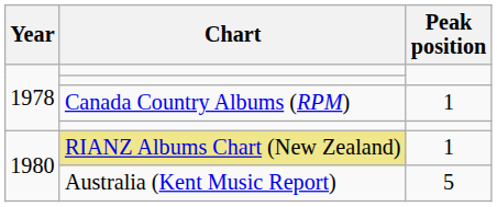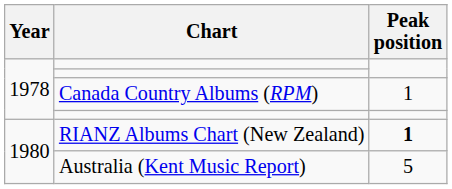 <table class="wikitable sortable">
 <tr>
 <th scope="col">Year</th>
 <th scope="col">Chart</th>
 <th scope="col">Peak<br>position</th>
 </tr>
 <tr>
 <td rowspan=4>1978</td>
 <td></td>
 </tr>
 <tr>
 <td></td>
 </tr>
 <tr>
 <td><a href='#'>Canada Country Albums</a> (<em><a href='#'>RPM</a></em>)</td>
 <td align="center">1</td>
 </tr>
 <tr>
 <td></td>
 </tr>
 <tr>
 <td rowspan=2>1980</td>
-<td style="background: khaki;"><a href='#'>RIANZ Albums Chart</a> (New Zealand)</td>
-<td align="center">1</td>
+<td><a href='#'>RIANZ Albums Chart</a> (New Zealand)</td>
+<td align="center"><strong>1</strong></td>
 </tr>
 <tr>
 <td>Australia (<a href='#'>Kent Music Report</a>)</td>
 <td align="center">5</td>
 </tr>
 </table>
